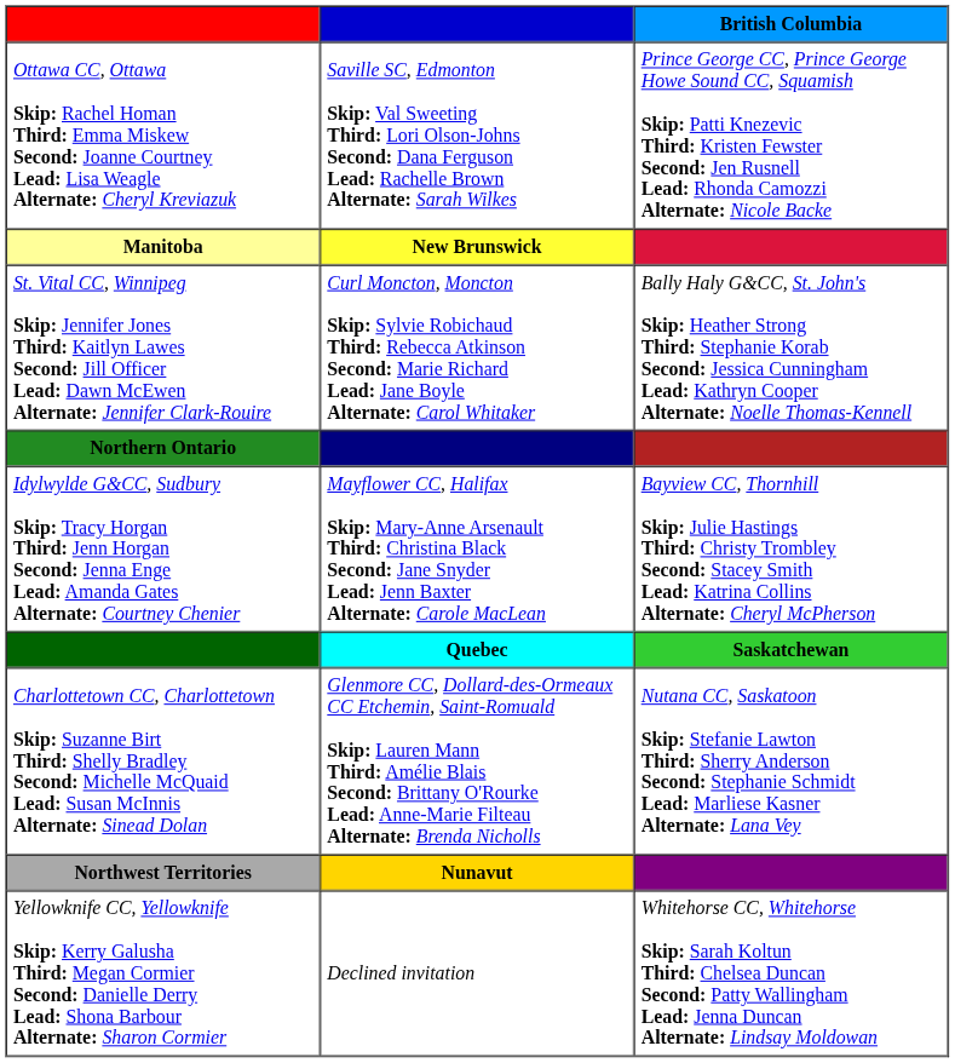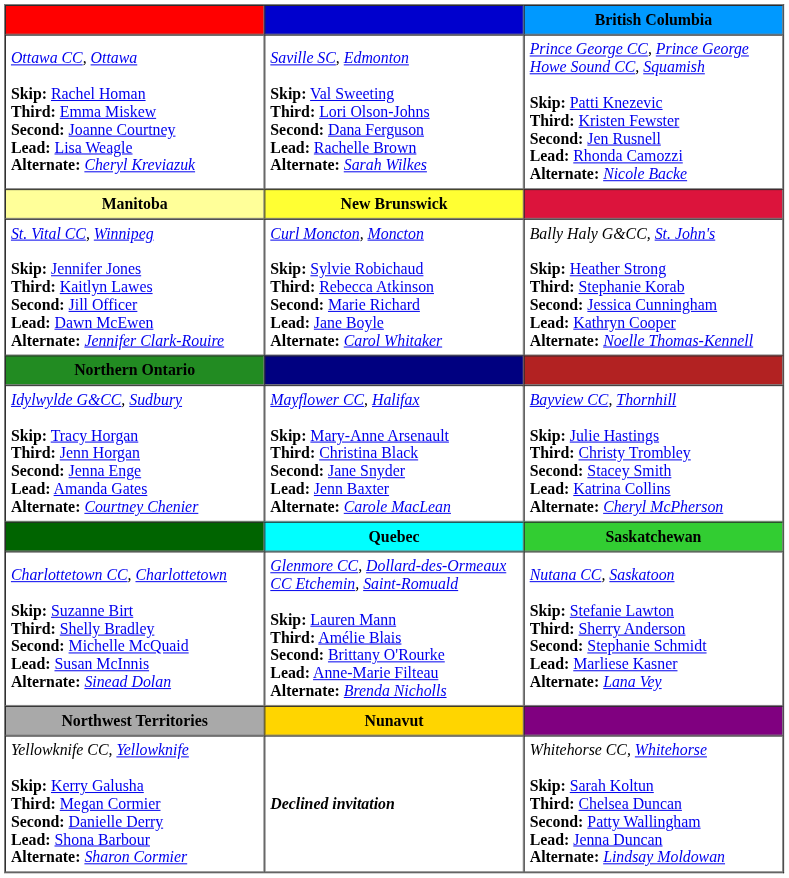 <table border=1 cellpadding=5 cellspacing=0>
 <tr>
 <th bgcolor="#FF0000" width="250"> </th>
 <th bgcolor="#0000CD" width="250"> </th>
 <th bgcolor="#0099FF" width="250"> British Columbia</th>
 </tr>
 <tr>
 <td><em><a href='#'>Ottawa CC</a>, <a href='#'>Ottawa</a></em><br><br><strong>Skip:</strong> <a href='#'>Rachel Homan</a><br> <strong>Third:</strong> <a href='#'>Emma Miskew</a><br> <strong>Second:</strong> <a href='#'>Joanne Courtney</a><br> <strong>Lead:</strong> <a href='#'>Lisa Weagle</a><br> <strong>Alternate:</strong> <em><a href='#'>Cheryl Kreviazuk</a></em></td>
 <td><em><a href='#'>Saville SC</a>, <a href='#'>Edmonton</a></em><br><br><strong>Skip:</strong> <a href='#'>Val Sweeting</a><br> <strong>Third:</strong> <a href='#'>Lori Olson-Johns</a><br> <strong>Second:</strong> <a href='#'>Dana Ferguson</a><br> <strong>Lead:</strong> <a href='#'>Rachelle Brown</a><br> <strong>Alternate:</strong> <em><a href='#'>Sarah Wilkes</a></em></td>
 <td><em><a href='#'>Prince George CC</a>, <a href='#'>Prince George</a><br><a href='#'>Howe Sound CC</a>, <a href='#'>Squamish</a></em><br><br><strong>Skip:</strong> <a href='#'>Patti Knezevic</a><br> <strong>Third:</strong> <a href='#'>Kristen Fewster</a><br> <strong>Second:</strong> <a href='#'>Jen Rusnell</a><br> <strong>Lead:</strong> <a href='#'>Rhonda Camozzi</a><br> <strong>Alternate:</strong> <em><a href='#'>Nicole Backe</a></em></td>
 </tr>
 <tr border=1 cellpadding=5 cellspacing=0>
 <th bgcolor="#FFFF99" width="250"> Manitoba</th>
 <th bgcolor="#FFFF33" width="250"> New Brunswick</th>
 <th bgcolor="#DC143C" width="250"> </th>
 </tr>
 <tr>
 <td><em><a href='#'>St. Vital CC</a>, <a href='#'>Winnipeg</a></em><br><br><strong>Skip:</strong> <a href='#'>Jennifer Jones</a><br> <strong>Third:</strong> <a href='#'>Kaitlyn Lawes</a><br> <strong>Second:</strong> <a href='#'>Jill Officer</a><br> <strong>Lead:</strong> <a href='#'>Dawn McEwen</a><br> <strong>Alternate:</strong> <em><a href='#'>Jennifer Clark-Rouire</a></em></td>
 <td><em><a href='#'>Curl Moncton</a>, <a href='#'>Moncton</a></em><br><br><strong>Skip:</strong> <a href='#'>Sylvie Robichaud</a><br> <strong>Third:</strong> <a href='#'>Rebecca Atkinson</a><br> <strong>Second:</strong> <a href='#'>Marie Richard</a><br> <strong>Lead:</strong> <a href='#'>Jane Boyle</a><br> <strong>Alternate:</strong> <em><a href='#'>Carol Whitaker</a></em></td>
 <td><em>Bally Haly G&CC, <a href='#'>St. John's</a></em><br><br><strong>Skip:</strong> <a href='#'>Heather Strong</a><br> <strong>Third:</strong> <a href='#'>Stephanie Korab</a><br> <strong>Second:</strong> <a href='#'>Jessica Cunningham</a><br> <strong>Lead:</strong> <a href='#'>Kathryn Cooper</a><br> <strong>Alternate:</strong> <em><a href='#'>Noelle Thomas-Kennell</a></em></td>
 </tr>
 <tr border=1 cellpadding=5 cellspacing=0>
 <th bgcolor="#228B22" width="250"> Northern Ontario</th>
 <th bgcolor="#000080" width="250"> </th>
 <th bgcolor="#B22222" width="250"> </th>
 </tr>
 <tr>
 <td><em><a href='#'>Idylwylde G&CC</a>, <a href='#'>Sudbury</a></em><br><br><strong>Skip:</strong> <a href='#'>Tracy Horgan</a><br> <strong>Third:</strong> <a href='#'>Jenn Horgan</a><br> <strong>Second:</strong> <a href='#'>Jenna Enge</a><br> <strong>Lead:</strong> <a href='#'>Amanda Gates</a><br> <strong>Alternate:</strong> <em><a href='#'>Courtney Chenier</a></em></td>
 <td><em><a href='#'>Mayflower CC</a>, <a href='#'>Halifax</a></em><br><br><strong>Skip:</strong> <a href='#'>Mary-Anne Arsenault</a><br> <strong>Third:</strong> <a href='#'>Christina Black</a><br> <strong>Second:</strong> <a href='#'>Jane Snyder</a><br> <strong>Lead:</strong> <a href='#'>Jenn Baxter</a><br> <strong>Alternate:</strong> <em><a href='#'>Carole MacLean</a></em></td>
 <td><em><a href='#'>Bayview CC</a>, <a href='#'>Thornhill</a></em><br><br><strong>Skip:</strong> <a href='#'>Julie Hastings</a><br> <strong>Third:</strong> <a href='#'>Christy Trombley</a><br> <strong>Second:</strong> <a href='#'>Stacey Smith</a><br> <strong>Lead:</strong> <a href='#'>Katrina Collins</a><br> <strong>Alternate:</strong> <em><a href='#'>Cheryl McPherson</a></em></td>
 </tr>
 <tr border=1 cellpadding=5 cellspacing=0>
 <th bgcolor="#006400" width="250"> </th>
 <th bgcolor="#00FFFF" width="250"> Quebec</th>
 <th bgcolor="#32CD32" width="250"> Saskatchewan</th>
 </tr>
 <tr>
 <td><em><a href='#'>Charlottetown CC</a>, <a href='#'>Charlottetown</a></em><br><br><strong>Skip:</strong> <a href='#'>Suzanne Birt</a><br> <strong>Third:</strong> <a href='#'>Shelly Bradley</a><br> <strong>Second:</strong> <a href='#'>Michelle McQuaid</a><br> <strong>Lead:</strong> <a href='#'>Susan McInnis</a><br> <strong>Alternate:</strong> <em><a href='#'>Sinead Dolan</a></em></td>
 <td><em><a href='#'>Glenmore CC</a>, <a href='#'>Dollard-des-Ormeaux</a><br><a href='#'>CC Etchemin</a>, <a href='#'>Saint-Romuald</a></em><br><br><strong>Skip:</strong> <a href='#'>Lauren Mann</a><br> <strong>Third:</strong> <a href='#'>Amélie Blais</a><br> <strong>Second:</strong> <a href='#'>Brittany O'Rourke</a><br> <strong>Lead:</strong> <a href='#'>Anne-Marie Filteau</a><br> <strong>Alternate:</strong> <em><a href='#'>Brenda Nicholls</a></em></td>
 <td><em><a href='#'>Nutana CC</a>, <a href='#'>Saskatoon</a></em><br><br><strong>Skip:</strong> <a href='#'>Stefanie Lawton</a><br> <strong>Third:</strong> <a href='#'>Sherry Anderson</a><br> <strong>Second:</strong> <a href='#'>Stephanie Schmidt</a><br> <strong>Lead:</strong> <a href='#'>Marliese Kasner</a><br> <strong>Alternate:</strong> <em><a href='#'>Lana Vey</a></em></td>
 </tr>
 <tr border=1 cellpadding=5 cellspacing=0>
 <th bgcolor="#A9A9A9" width="250"> Northwest Territories</th>
 <th bgcolor="#FFDD500" width="250"> Nunavut</th>
 <th bgcolor="#800080" width="250"> </th>
 </tr>
 <tr>
 <td><em>Yellowknife CC, <a href='#'>Yellowknife</a></em><br><br><strong>Skip:</strong> <a href='#'>Kerry Galusha</a><br> <strong>Third:</strong> <a href='#'>Megan Cormier</a><br> <strong>Second:</strong> <a href='#'>Danielle Derry</a><br> <strong>Lead:</strong> <a href='#'>Shona Barbour</a><br> <strong>Alternate:</strong> <em><a href='#'>Sharon Cormier</a></em></td>
-<td><em>Declined invitation</em> </td>
+<td><strong><em>Declined invitation</em> </strong></td>
 <td><em>Whitehorse CC, <a href='#'>Whitehorse</a></em><br><br><strong>Skip:</strong> <a href='#'>Sarah Koltun</a><br> <strong>Third:</strong> <a href='#'>Chelsea Duncan</a><br> <strong>Second:</strong> <a href='#'>Patty Wallingham</a><br> <strong>Lead:</strong> <a href='#'>Jenna Duncan</a><br> <strong>Alternate:</strong> <em><a href='#'>Lindsay Moldowan</a></em></td>
 </tr>
 </table>
